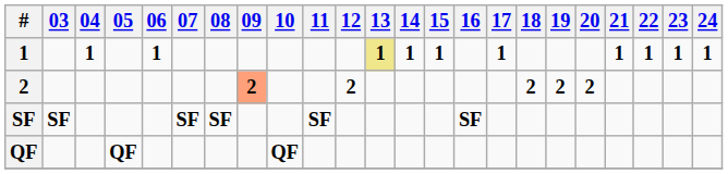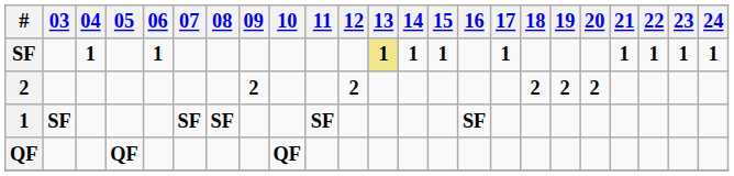 <table class="wikitable" style="text-align: center; font-size:80%">
 <tr>
 <th>#</th>
 <th><strong><a href='#'>03</a></strong></th>
 <th><strong><a href='#'>04</a></strong></th>
 <th><strong><a href='#'>05</a></strong></th>
 <th><strong><a href='#'>06</a></strong></th>
 <th><strong><a href='#'>07</a></strong></th>
 <th><strong><a href='#'>08</a></strong></th>
 <th><strong><a href='#'>09</a></strong></th>
 <th><strong><a href='#'>10</a></strong></th>
 <th><strong><a href='#'>11</a></strong></th>
 <th><strong><a href='#'>12</a></strong></th>
 <th><strong><a href='#'>13</a></strong></th>
 <th><strong><a href='#'>14</a></strong></th>
 <th><strong><a href='#'>15</a></strong></th>
 <th><strong><a href='#'>16</a></strong></th>
 <th><strong><a href='#'>17</a></strong></th>
 <th><strong><a href='#'>18</a></strong></th>
 <th><strong><a href='#'>19</a></strong></th>
 <th><strong><a href='#'>20</a></strong></th>
 <th><strong><a href='#'>21</a></strong></th>
 <th><strong><a href='#'>22</a></strong></th>
 <th><strong><a href='#'>23</a></strong></th>
 <th><strong><a href='#'>24</a></strong></th>
 </tr>
 <tr>
-<th>1</th>
+<th>SF</th>
 <td></td>
 <td><span><strong>1</strong></span></td>
 <td></td>
 <td><span><strong>1</strong></span></td>
 <td></td>
 <td></td>
 <td></td>
 <td></td>
 <td></td>
 <td></td>
 <td style="background: khaki;"><span><strong>1</strong></span></td>
 <td><span><strong>1</strong></span></td>
 <td><span><strong>1</strong></span></td>
 <td></td>
 <td><span><strong>1</strong></span></td>
 <td></td>
 <td></td>
 <td></td>
 <td><span><strong>1</strong></span></td>
 <td><span><strong>1</strong></span></td>
 <td><span><strong>1</strong></span></td>
 <td><span><strong>1</strong></span></td>
 </tr>
 <tr>
 <th>2</th>
 <td></td>
 <td></td>
 <td></td>
 <td></td>
 <td></td>
 <td></td>
-<td style="background: lightsalmon;"><span><strong>2</strong></span></td>
+<td><span><strong>2</strong></span></td>
 <td></td>
 <td></td>
 <td><span><strong>2</strong></span></td>
 <td></td>
 <td></td>
 <td></td>
 <td></td>
 <td></td>
 <td><span><strong>2</strong></span></td>
 <td><span><strong>2</strong></span></td>
 <td><span><strong>2</strong></span></td>
 <td></td>
 <td></td>
 <td></td>
 <td></td>
 </tr>
 <tr>
-<th>SF</th>
+<th>1</th>
 <td><span><strong>SF</strong></span></td>
 <td></td>
 <td></td>
 <td></td>
 <td><span><strong>SF</strong></span></td>
 <td><span><strong>SF</strong></span></td>
 <td></td>
 <td></td>
 <td><span><strong>SF</strong></span></td>
 <td></td>
 <td></td>
 <td></td>
 <td></td>
 <td><span><strong>SF</strong></span></td>
 <td></td>
 <td></td>
 <td></td>
 <td></td>
 <td></td>
 <td></td>
 <td></td>
 <td></td>
 </tr>
 <tr>
 <th>QF</th>
 <td></td>
 <td></td>
 <td><span><strong>QF</strong></span></td>
 <td></td>
 <td></td>
 <td></td>
 <td></td>
 <td><span><strong>QF</strong></span></td>
 <td></td>
 <td></td>
 <td></td>
 <td></td>
 <td></td>
 <td></td>
 <td></td>
 <td></td>
 <td></td>
 <td></td>
 <td></td>
 <td></td>
 <td></td>
 <td></td>
 </tr>
 <tr>
 </tr>
 </table>
